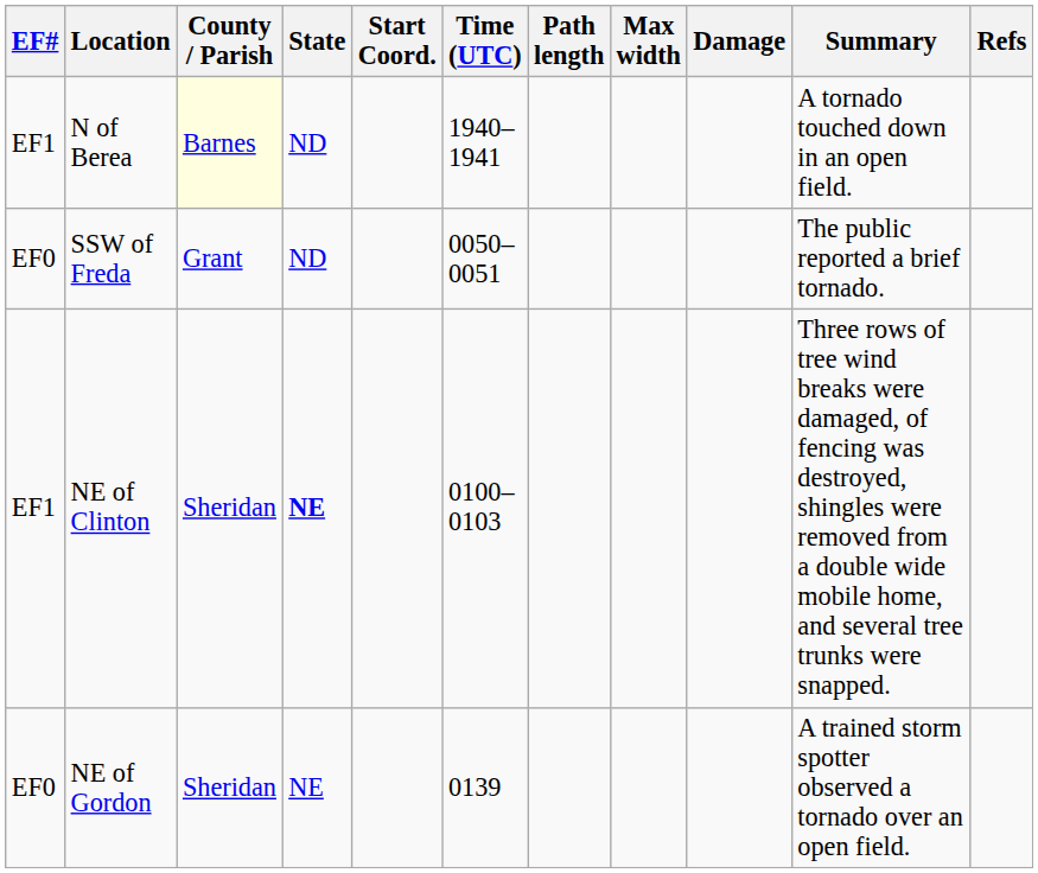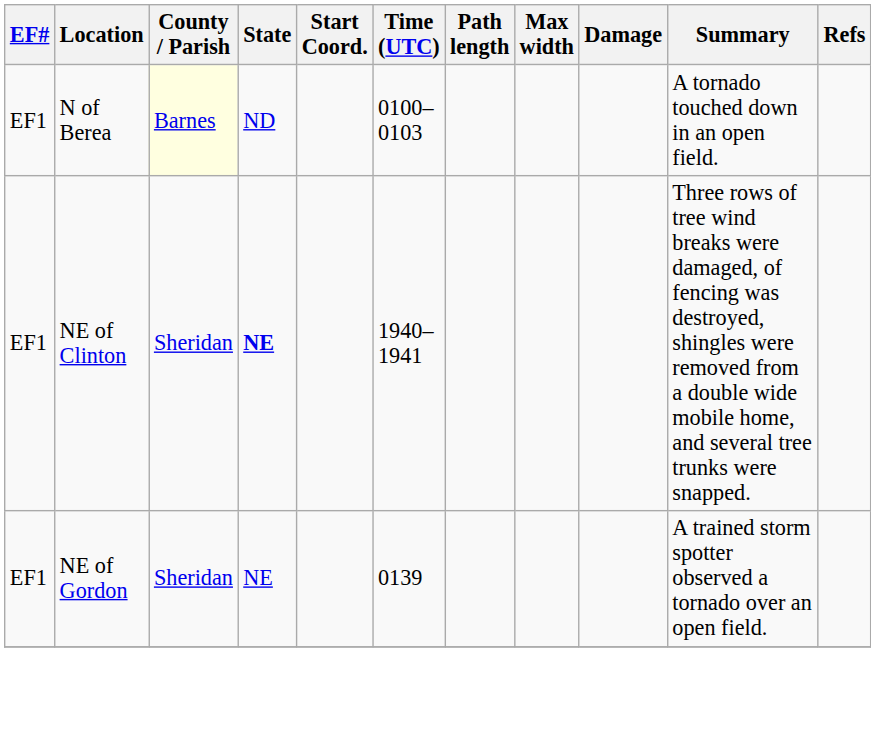 <table class="wikitable sortable" style="width:100%;">
 <tr>
 <th scope="col" width="3%" align="center"><a href='#'>EF#</a></th>
 <th scope="col" width="7%" align="center" class="unsortable">Location</th>
 <th scope="col" width="6%" align="center" class="unsortable">County / Parish</th>
 <th scope="col" width="5%" align="center">State</th>
 <th scope="col" width="6%" align="center">Start Coord.</th>
 <th scope="col" width="6%" align="center">Time (<a href='#'>UTC</a>)</th>
 <th scope="col" width="6%" align="center">Path length</th>
 <th scope="col" width="6%" align="center">Max width</th>
 <th scope="col" width="6%" align="center">Damage</th>
 <th scope="col" width="48%" class="unsortable" align="center">Summary</th>
 <th scope="col" width="48%" class="unsortable" align="center">Refs</th>
 </tr>
 <tr>
 <td>EF1</td>
 <td>N of Berea</td>
 <td style="background: lightyellow;"><a href='#'>Barnes</a></td>
 <td><a href='#'>ND</a></td>
 <td></td>
-<td>1940–1941</td>
+<td>0100–0103</td>
 <td></td>
 <td></td>
 <td></td>
 <td>A tornado touched down in an open field.</td>
-<td></td>
-</tr>
-<tr>
-<td>EF0</td>
-<td>SSW of <a href='#'>Freda</a></td>
-<td><a href='#'>Grant</a></td>
-<td><a href='#'>ND</a></td>
-<td></td>
-<td>0050–0051</td>
-<td></td>
-<td></td>
-<td></td>
-<td>The public reported a brief tornado.</td>
 <td></td>
 </tr>
 <tr>
 <td>EF1</td>
 <td>NE of <a href='#'>Clinton</a></td>
 <td><a href='#'>Sheridan</a></td>
 <td><strong><a href='#'>NE</a></strong></td>
 <td></td>
-<td>0100–0103</td>
+<td>1940–1941</td>
 <td></td>
 <td></td>
 <td></td>
 <td>Three rows of tree wind breaks were damaged,  of fencing was destroyed, shingles were removed from a double wide mobile home, and several tree trunks were snapped.</td>
 <td></td>
 </tr>
 <tr>
-<td>EF0</td>
+<td>EF1</td>
 <td>NE of <a href='#'>Gordon</a></td>
 <td><a href='#'>Sheridan</a></td>
 <td><a href='#'>NE</a></td>
 <td></td>
 <td>0139</td>
 <td></td>
 <td></td>
 <td></td>
 <td>A trained storm spotter observed a tornado over an open field.</td>
 <td></td>
 </tr>
 <tr>
 </tr>
 </table>
